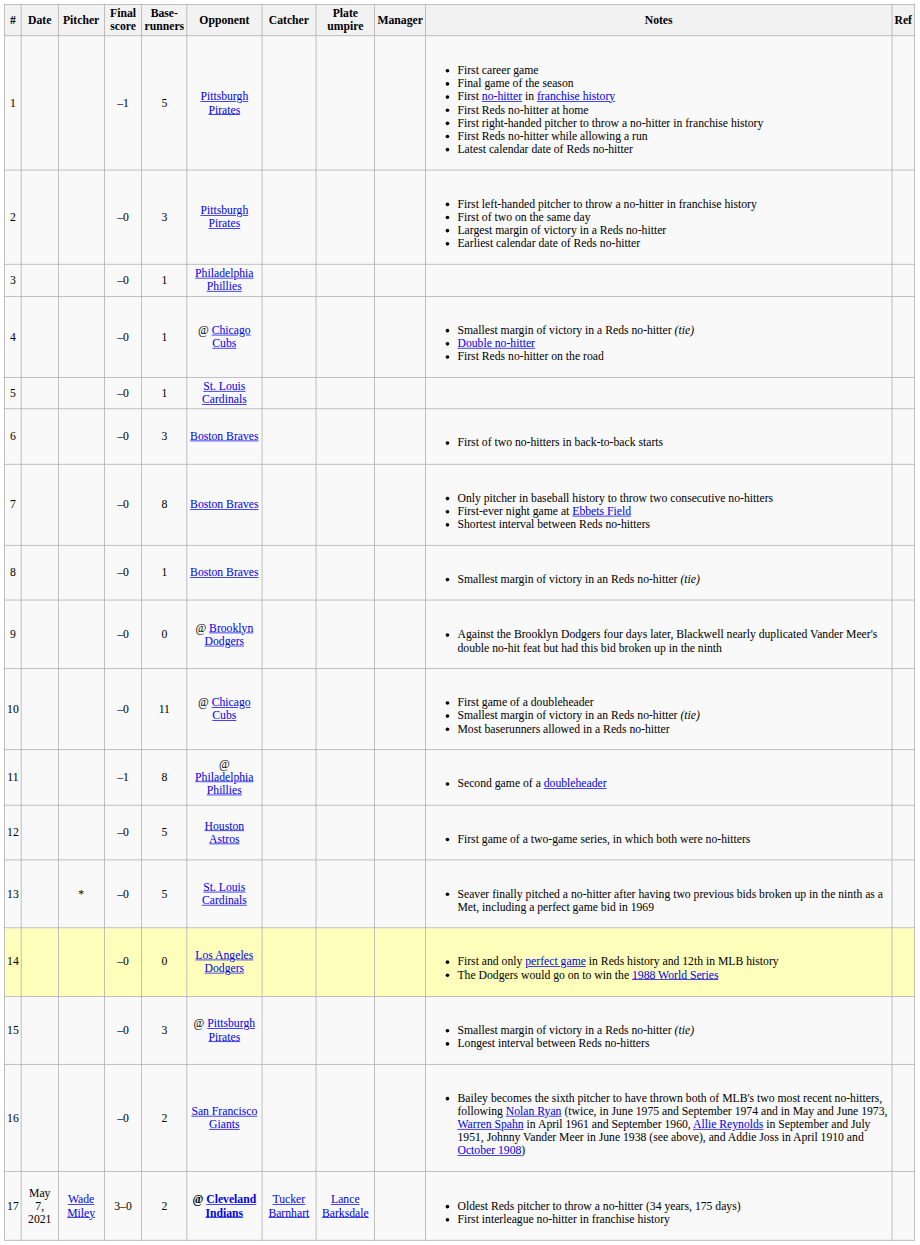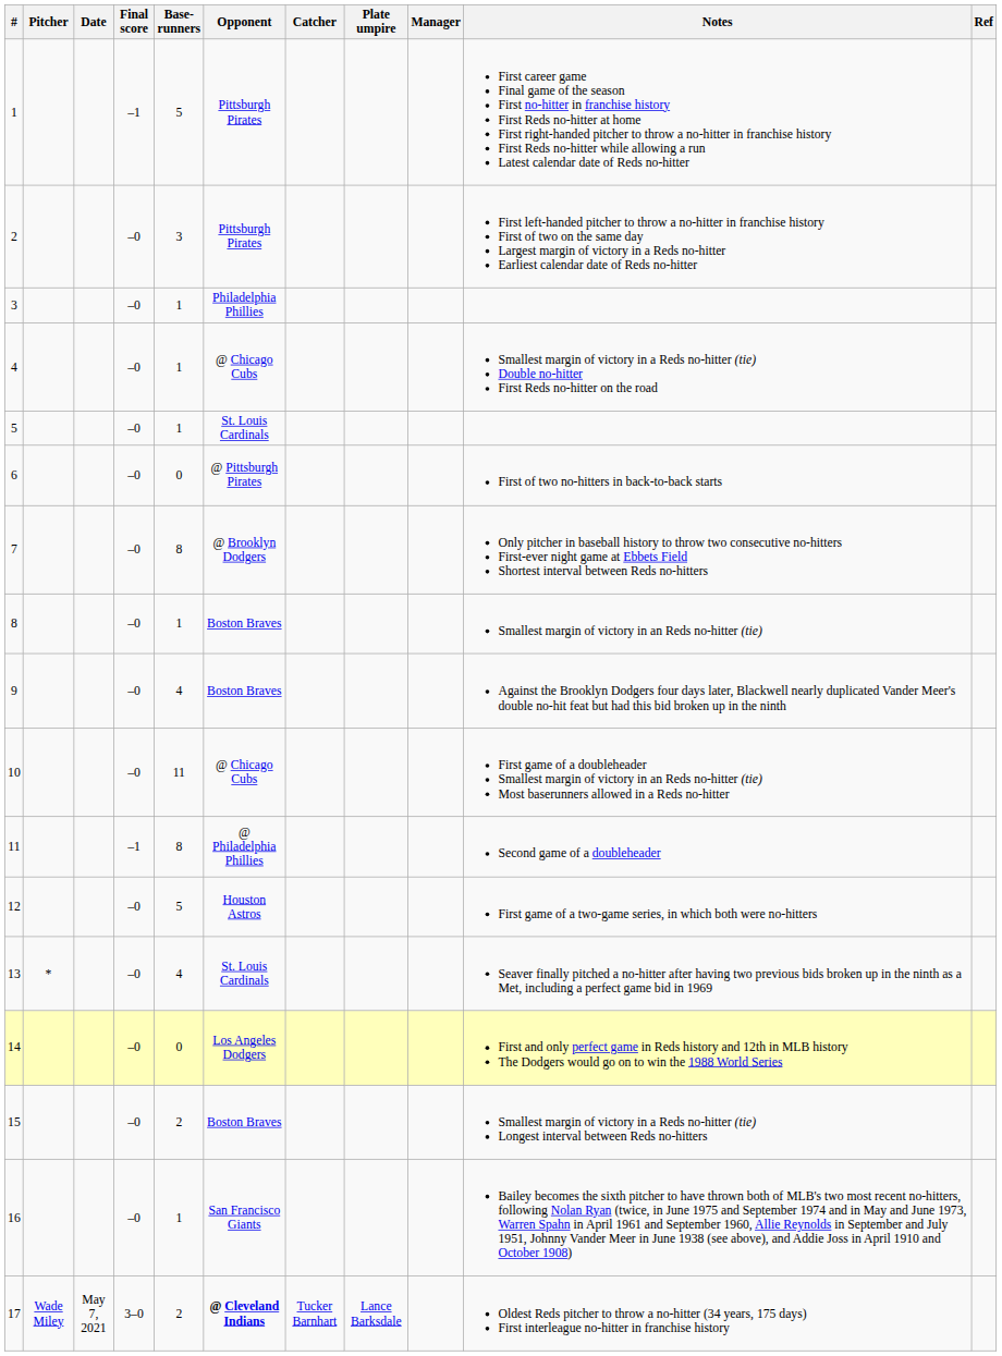 <table class="wikitable sortable" style="text-align:center" border="1">
 <tr>
 <th>#</th>
+<th>Pitcher</th>
 <th>Date</th>
-<th>Pitcher</th>
 <th>Final score</th>
 <th>Base-<br>runners</th>
 <th>Opponent</th>
 <th>Catcher</th>
 <th>Plate umpire</th>
 <th>Manager</th>
 <th class="unsortable">Notes</th>
 <th class="unsortable">Ref</th>
 </tr>
 <tr>
 <td>1</td>
 <td></td>
 <td></td>
 <td>–1</td>
 <td>5</td>
 <td><a href='#'>Pittsburgh Pirates</a></td>
 <td></td>
 <td></td>
 <td></td>
 <td align="left"><br><ul><li>First career game</li><li>Final game of the season</li><li>First <a href='#'>no-hitter</a> in <a href='#'>franchise history</a></li><li>First Reds no-hitter at home</li><li>First right-handed pitcher to throw a no-hitter in franchise history</li><li>First Reds no-hitter while allowing a run</li><li>Latest calendar date of Reds no-hitter</li></ul></td>
 <td></td>
 </tr>
 <tr>
 <td>2</td>
 <td></td>
 <td></td>
 <td>–0</td>
 <td>3</td>
 <td><a href='#'>Pittsburgh Pirates</a></td>
 <td> </td>
 <td> </td>
 <td></td>
 <td align="left"><br><ul><li>First left-handed pitcher to throw a no-hitter in franchise history</li><li>First of two on the same day</li><li>Largest margin of victory in a Reds no-hitter</li><li>Earliest calendar date of Reds no-hitter</li></ul></td>
 <td></td>
 </tr>
 <tr>
 <td>3</td>
 <td></td>
 <td></td>
 <td>–0</td>
 <td>1</td>
 <td><a href='#'>Philadelphia Phillies</a></td>
 <td> </td>
 <td></td>
 <td></td>
 <td align="left"></td>
 <td></td>
 </tr>
 <tr>
 <td>4</td>
 <td></td>
 <td></td>
 <td>–0 </td>
 <td>1</td>
 <td>@ <a href='#'>Chicago Cubs</a></td>
 <td></td>
 <td></td>
 <td></td>
 <td align="left"><br><ul><li>Smallest margin of victory in a Reds no-hitter <em>(tie)</em></li><li><a href='#'>Double no-hitter</a></li><li>First Reds no-hitter on the road</li></ul></td>
 <td></td>
 </tr>
 <tr>
 <td>5</td>
 <td></td>
 <td></td>
 <td>–0</td>
 <td>1</td>
 <td><a href='#'>St. Louis Cardinals</a></td>
 <td></td>
 <td> </td>
 <td></td>
 <td align="left"></td>
 <td></td>
 </tr>
 <tr>
 <td>6</td>
+<td> </td>
 <td></td>
-<td> </td>
 <td>–0</td>
-<td>3</td>
-<td><a href='#'>Boston Braves</a></td>
+<td>0</td>
+<td>@ <a href='#'>Pittsburgh Pirates</a></td>
 <td> </td>
 <td></td>
 <td> </td>
 <td align="left"><br><ul><li>First of two no-hitters in back-to-back starts</li></ul></td>
 <td></td>
 </tr>
 <tr>
 <td>7</td>
+<td> </td>
 <td></td>
-<td> </td>
 <td>–0</td>
 <td>8</td>
-<td><a href='#'>Boston Braves</a></td>
+<td>@ <a href='#'>Brooklyn Dodgers</a></td>
 <td> </td>
 <td></td>
 <td> </td>
 <td align="left"><br><ul><li>Only pitcher in baseball history to throw two consecutive no-hitters</li><li>First-ever night game at <a href='#'>Ebbets Field</a></li><li>Shortest interval between Reds no-hitters</li></ul></td>
 <td></td>
 </tr>
 <tr>
 <td>8</td>
 <td></td>
 <td></td>
 <td>–0</td>
 <td>1</td>
 <td><a href='#'>Boston Braves</a></td>
 <td></td>
 <td></td>
 <td> </td>
 <td align="left"><br><ul><li>Smallest margin of victory in an Reds no-hitter <em>(tie)</em></li></ul></td>
 <td></td>
 </tr>
 <tr>
 <td>9</td>
 <td></td>
 <td></td>
 <td>–0</td>
-<td>0</td>
-<td>@ <a href='#'>Brooklyn Dodgers</a></td>
+<td>4</td>
+<td><a href='#'>Boston Braves</a></td>
 <td></td>
 <td></td>
 <td></td>
 <td align="left"><br><ul><li>Against the Brooklyn Dodgers four days later, Blackwell nearly duplicated Vander Meer's double no-hit feat but had this bid broken up in the ninth</li></ul></td>
 <td></td>
 </tr>
 <tr>
 <td>10</td>
+<td> </td>
 <td></td>
-<td> </td>
 <td>–0 </td>
 <td>11</td>
 <td>@ <a href='#'>Chicago Cubs</a></td>
 <td></td>
 <td></td>
 <td></td>
 <td align="left"><br><ul><li>First game of a doubleheader</li><li>Smallest margin of victory in an Reds no-hitter <em>(tie)</em></li><li>Most baserunners allowed in a Reds no-hitter</li></ul></td>
 <td></td>
 </tr>
 <tr>
 <td>11</td>
 <td></td>
 <td></td>
 <td>–1</td>
 <td>8</td>
 <td>@ <a href='#'>Philadelphia Phillies</a></td>
 <td></td>
 <td></td>
 <td> </td>
 <td align="left"><br><ul><li>Second game of a <a href='#'>doubleheader</a></li></ul></td>
 <td></td>
 </tr>
 <tr>
 <td>12</td>
+<td> </td>
 <td></td>
-<td> </td>
 <td>–0</td>
 <td>5</td>
 <td><a href='#'>Houston Astros</a></td>
 <td></td>
 <td></td>
 <td> </td>
 <td align="left"><br><ul><li>First game of a two-game series, in which both were no-hitters</li></ul></td>
 <td></td>
 </tr>
 <tr>
 <td>13</td>
+<td>*</td>
 <td></td>
-<td>*</td>
 <td>–0</td>
-<td>5</td>
+<td>4</td>
 <td><a href='#'>St. Louis Cardinals</a></td>
 <td></td>
 <td></td>
 <td></td>
 <td align="left"><br><ul><li>Seaver finally pitched a no-hitter after having two previous bids broken up in the ninth as a Met, including a perfect game bid in 1969</li></ul></td>
 <td></td>
 </tr>
 <tr bgcolor="#ffffbb">
 <td>14</td>
 <td></td>
 <td></td>
 <td>–0</td>
 <td>0</td>
 <td><a href='#'>Los Angeles Dodgers</a></td>
 <td></td>
 <td></td>
 <td></td>
 <td align="left"><br><ul><li>First and only <a href='#'>perfect game</a> in Reds history and 12th in MLB history</li><li>The Dodgers would go on to win the <a href='#'>1988 World Series</a></li></ul></td>
 <td></td>
 </tr>
 <tr>
 <td>15</td>
+<td> </td>
 <td></td>
-<td> </td>
 <td>–0</td>
-<td>3</td>
-<td>@ <a href='#'>Pittsburgh Pirates</a></td>
+<td>2</td>
+<td><a href='#'>Boston Braves</a></td>
 <td> </td>
 <td></td>
 <td></td>
 <td align="left"><br><ul><li>Smallest margin of victory in a Reds no-hitter <em>(tie)</em></li><li>Longest interval between Reds no-hitters</li></ul></td>
 <td></td>
 </tr>
 <tr>
 <td>16</td>
+<td> </td>
 <td></td>
-<td> </td>
 <td>–0</td>
-<td>2</td>
+<td>1</td>
 <td><a href='#'>San Francisco Giants</a></td>
 <td> </td>
 <td></td>
 <td></td>
 <td align="left"><br><ul><li>Bailey becomes the sixth pitcher to have thrown both of MLB's two most recent no-hitters, following <a href='#'>Nolan Ryan</a> (twice, in June 1975 and September 1974 and in May and June 1973, <a href='#'>Warren Spahn</a> in April 1961 and September 1960, <a href='#'>Allie Reynolds</a> in September and July 1951, Johnny Vander Meer in June 1938 (see above), and Addie Joss in April 1910 and <a href='#'>October 1908</a>)</li></ul></td>
 <td></td>
 </tr>
 <tr>
 <td>17</td>
+<td><a href='#'>Wade Miley</a></td>
 <td>May 7, 2021</td>
-<td><a href='#'>Wade Miley</a></td>
 <td>3–0</td>
 <td>2</td>
 <td><strong>@ <a href='#'>Cleveland Indians</a></strong></td>
 <td><a href='#'>Tucker Barnhart</a></td>
 <td><a href='#'>Lance Barksdale</a></td>
 <td></td>
 <td align="left"><br><ul><li>Oldest Reds pitcher to throw a no-hitter (34 years, 175 days)</li><li>First interleague no-hitter in franchise history</li></ul></td>
 <td></td>
 </tr>
 </table>
